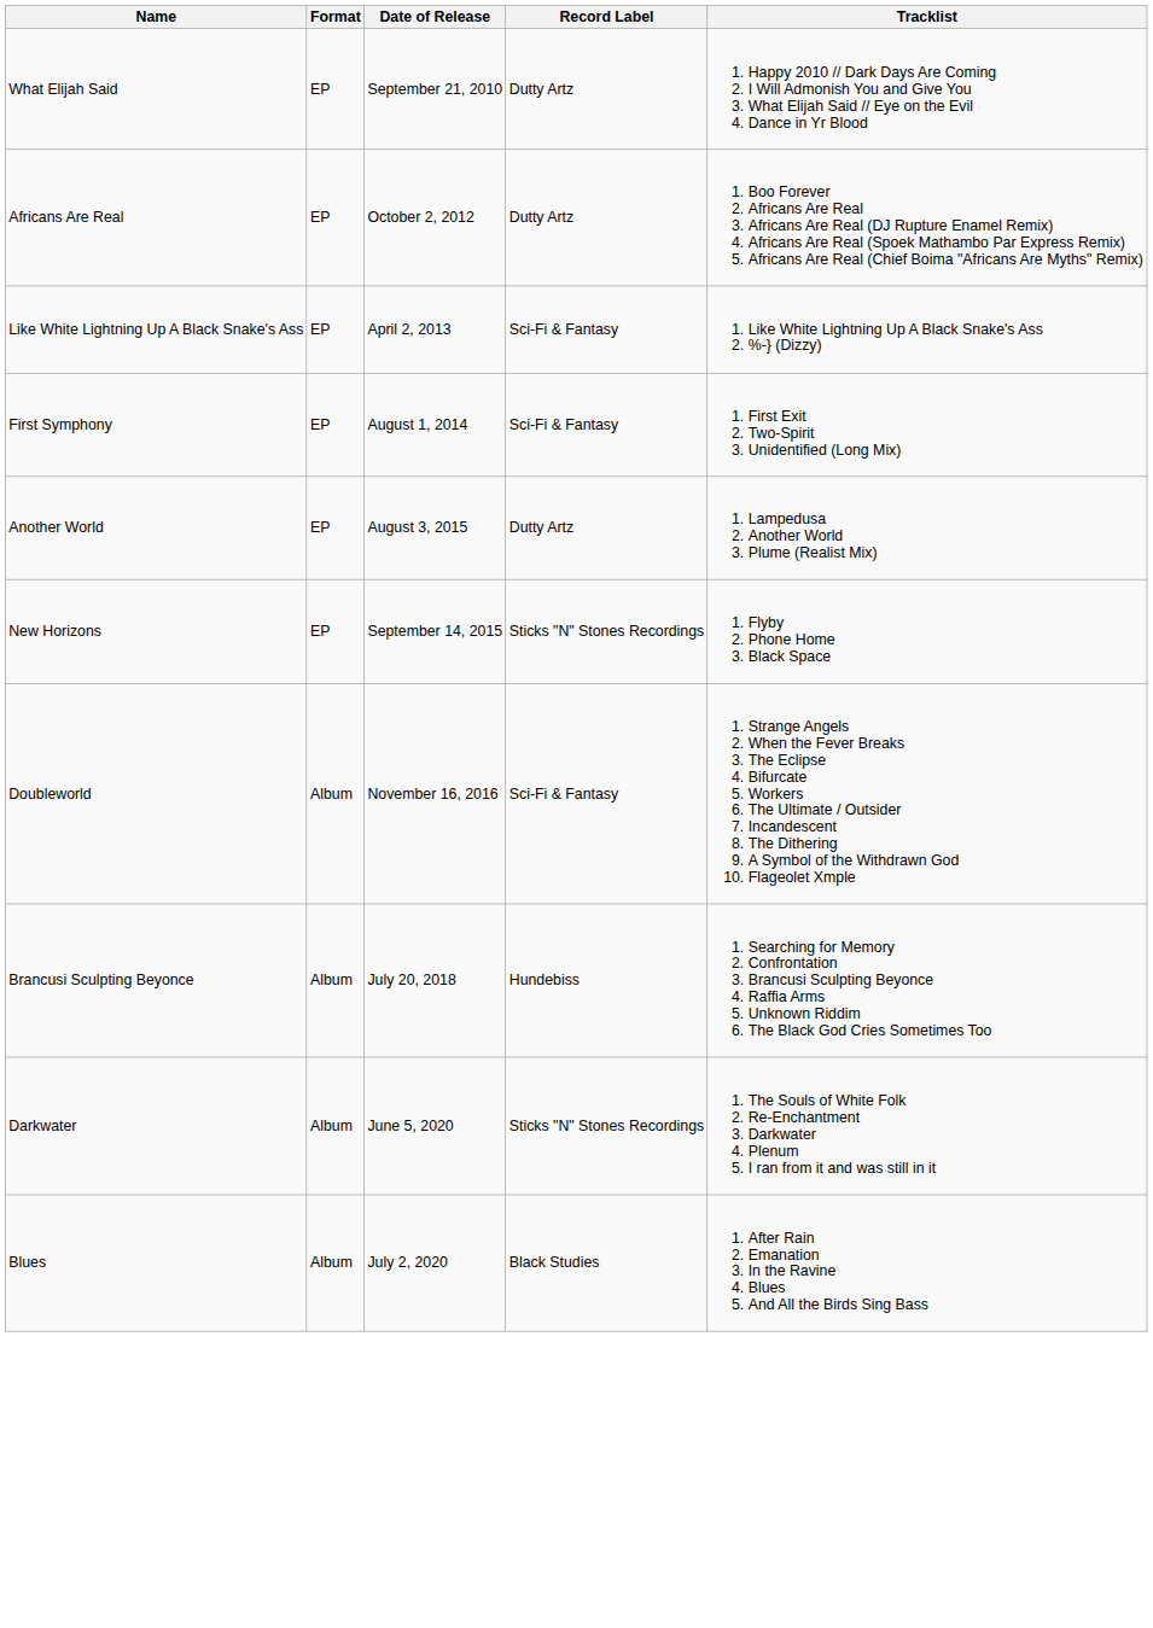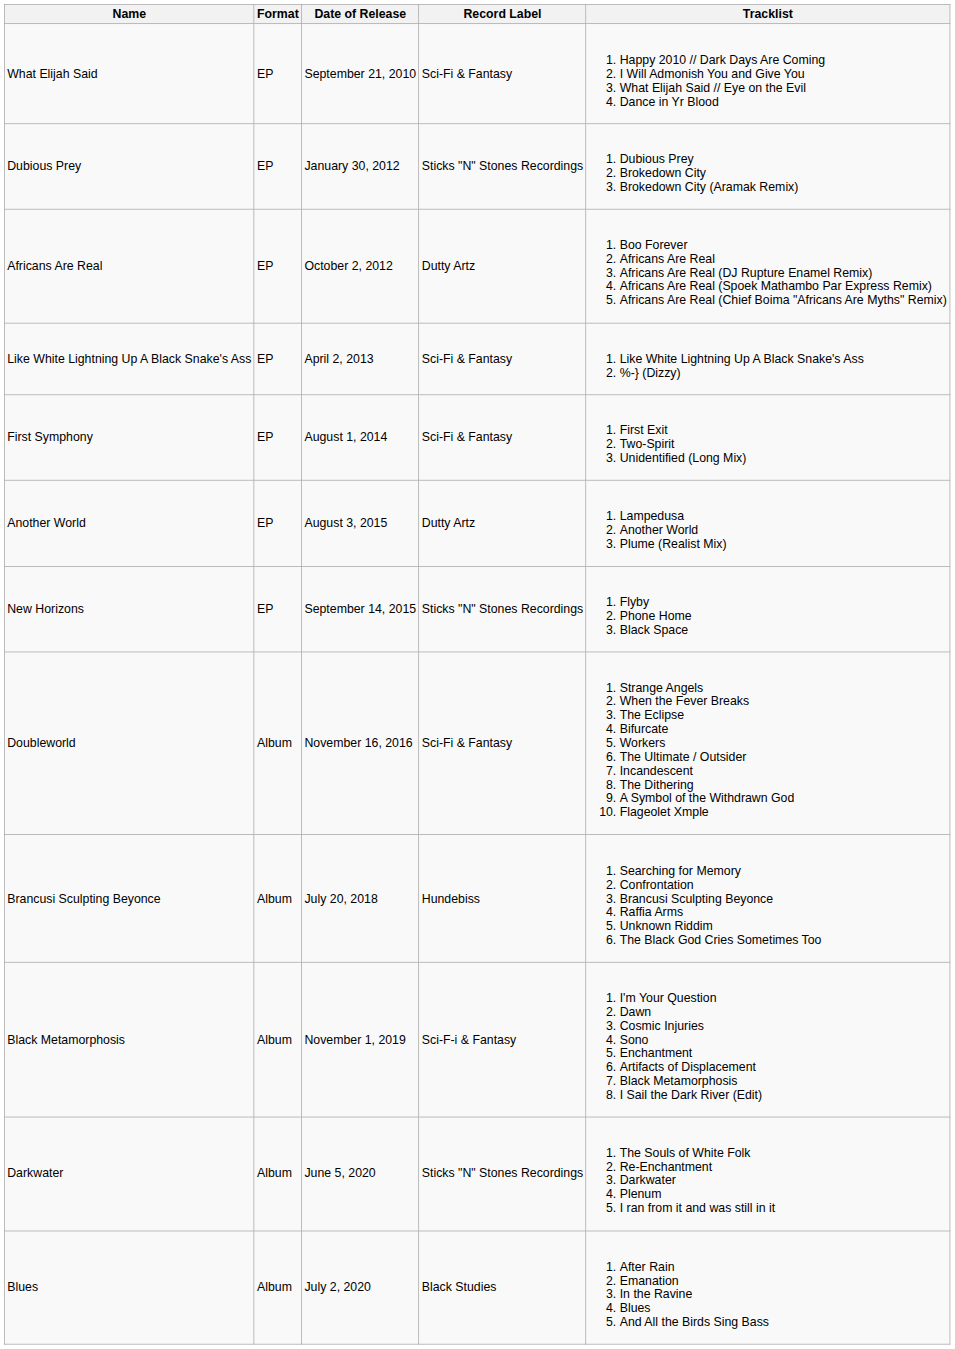 <table class="wikitable">
 <tr>
 <th>Name</th>
 <th>Format</th>
 <th>Date of Release</th>
 <th>Record Label</th>
 <th>Tracklist</th>
 </tr>
 <tr>
 <td>What Elijah Said</td>
 <td>EP</td>
 <td>September 21, 2010</td>
-<td>Dutty Artz</td>
+<td>Sci-Fi & Fantasy</td>
 <td><br><ol><li>Happy 2010 // Dark Days Are Coming</li><li>I Will Admonish You and Give You</li><li>What Elijah Said // Eye on the Evil</li><li>Dance in Yr Blood</li></ol></td>
+</tr>
+<tr>
+<td>Dubious Prey</td>
+<td>EP</td>
+<td>January 30, 2012</td>
+<td>Sticks "N" Stones Recordings</td>
+<td><br><ol><li>Dubious Prey</li><li>Brokedown City</li><li>Brokedown City (Aramak Remix)</li></ol></td>
 </tr>
 <tr>
 <td>Africans Are Real</td>
 <td>EP</td>
 <td>October 2, 2012</td>
 <td>Dutty Artz</td>
 <td><br><ol><li>Boo Forever</li><li>Africans Are Real</li><li>Africans Are Real (DJ Rupture Enamel Remix)</li><li>Africans Are Real (Spoek Mathambo Par Express Remix)</li><li>Africans Are Real (Chief Boima "Africans Are Myths" Remix)</li></ol></td>
 </tr>
 <tr>
 <td>Like White Lightning Up A Black Snake's Ass</td>
 <td>EP</td>
 <td>April 2, 2013</td>
 <td>Sci-Fi & Fantasy</td>
 <td><br><ol><li>Like White Lightning Up A Black Snake's Ass</li><li>%-} (Dizzy)</li></ol></td>
 </tr>
 <tr>
 <td>First Symphony</td>
 <td>EP</td>
 <td>August 1, 2014</td>
 <td>Sci-Fi & Fantasy</td>
 <td><br><ol><li>First Exit</li><li>Two-Spirit</li><li>Unidentified (Long Mix)</li></ol></td>
 </tr>
 <tr>
 <td>Another World</td>
 <td>EP</td>
 <td>August 3, 2015</td>
 <td>Dutty Artz</td>
 <td><br><ol><li>Lampedusa</li><li>Another World</li><li>Plume (Realist Mix)</li></ol></td>
 </tr>
 <tr>
 <td>New Horizons</td>
 <td>EP</td>
 <td>September 14, 2015</td>
 <td>Sticks "N" Stones Recordings</td>
 <td><br><ol><li>Flyby</li><li>Phone Home</li><li>Black Space</li></ol></td>
 </tr>
 <tr>
 <td>Doubleworld</td>
 <td>Album</td>
 <td>November 16, 2016</td>
 <td>Sci-Fi & Fantasy</td>
 <td><br><ol><li>Strange Angels</li><li>When the Fever Breaks</li><li>The Eclipse</li><li>Bifurcate</li><li>Workers</li><li>The Ultimate / Outsider</li><li>Incandescent</li><li>The Dithering</li><li>A Symbol of the Withdrawn God</li><li>Flageolet Xmple</li></ol></td>
 </tr>
 <tr>
 <td>Brancusi Sculpting Beyonce</td>
 <td>Album</td>
 <td>July 20, 2018</td>
 <td>Hundebiss</td>
 <td><br><ol><li>Searching for Memory</li><li>Confrontation</li><li>Brancusi Sculpting Beyonce</li><li>Raffia Arms</li><li>Unknown Riddim</li><li>The Black God Cries Sometimes Too</li></ol></td>
 </tr>
 <tr>
+<td>Black Metamorphosis</td>
+<td>Album</td>
+<td>November 1, 2019</td>
+<td>Sci-F-i & Fantasy</td>
+<td><br><ol><li>I'm Your Question</li><li>Dawn</li><li>Cosmic Injuries</li><li>Sono</li><li>Enchantment</li><li>Artifacts of Displacement</li><li>Black Metamorphosis</li><li>I Sail the Dark River (Edit)</li></ol></td>
+</tr>
+<tr>
 <td>Darkwater</td>
 <td>Album</td>
 <td>June 5, 2020</td>
 <td>Sticks "N" Stones Recordings</td>
 <td><br><ol><li>The Souls of White Folk</li><li>Re-Enchantment</li><li>Darkwater</li><li>Plenum</li><li>I ran from it and was still in it</li></ol></td>
 </tr>
 <tr>
 <td>Blues</td>
 <td>Album</td>
 <td>July 2, 2020</td>
 <td>Black Studies</td>
 <td><br><ol><li>After Rain</li><li>Emanation</li><li>In the Ravine</li><li>Blues</li><li>And All the Birds Sing Bass</li></ol></td>
 </tr>
 </table>
